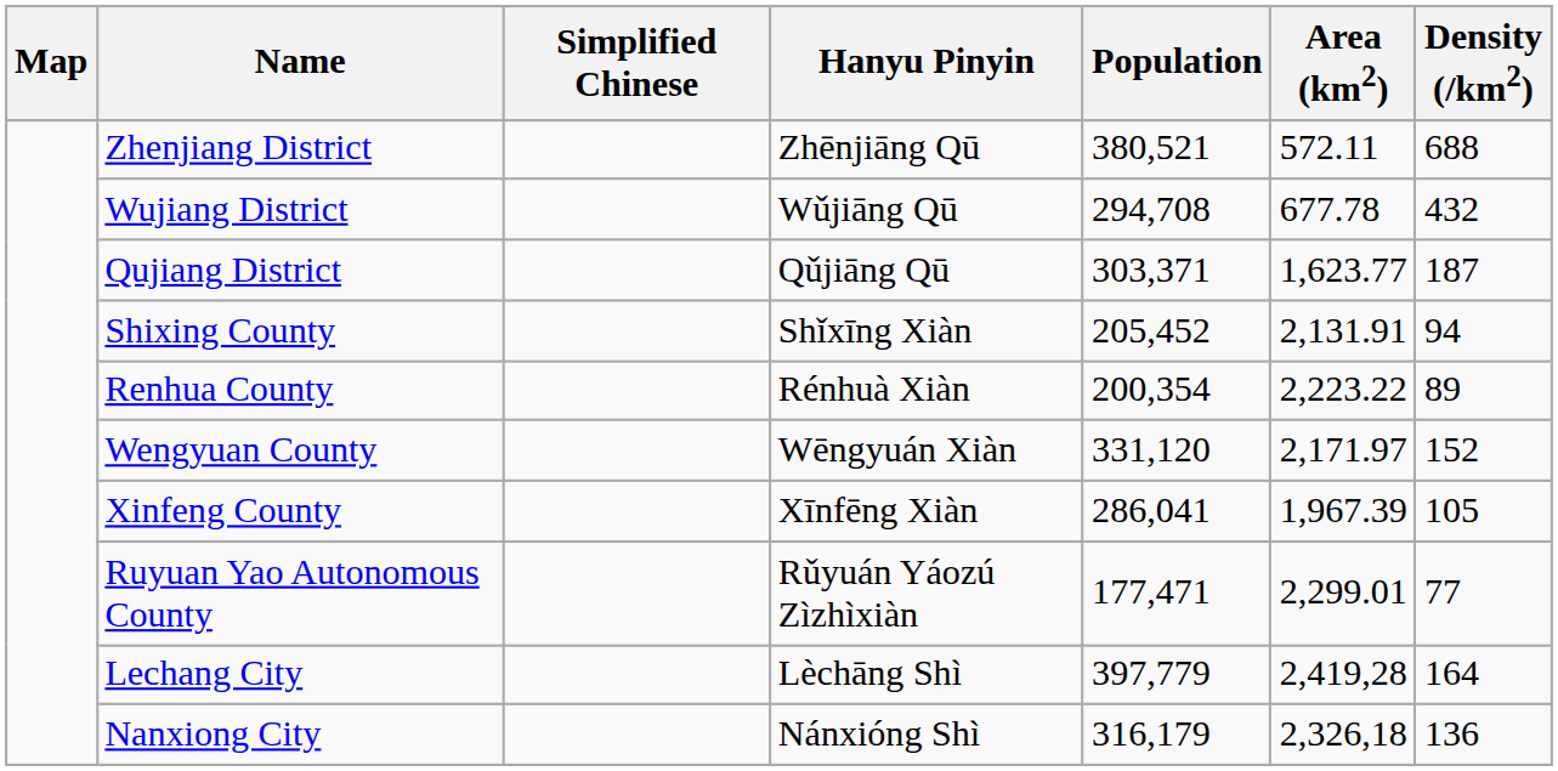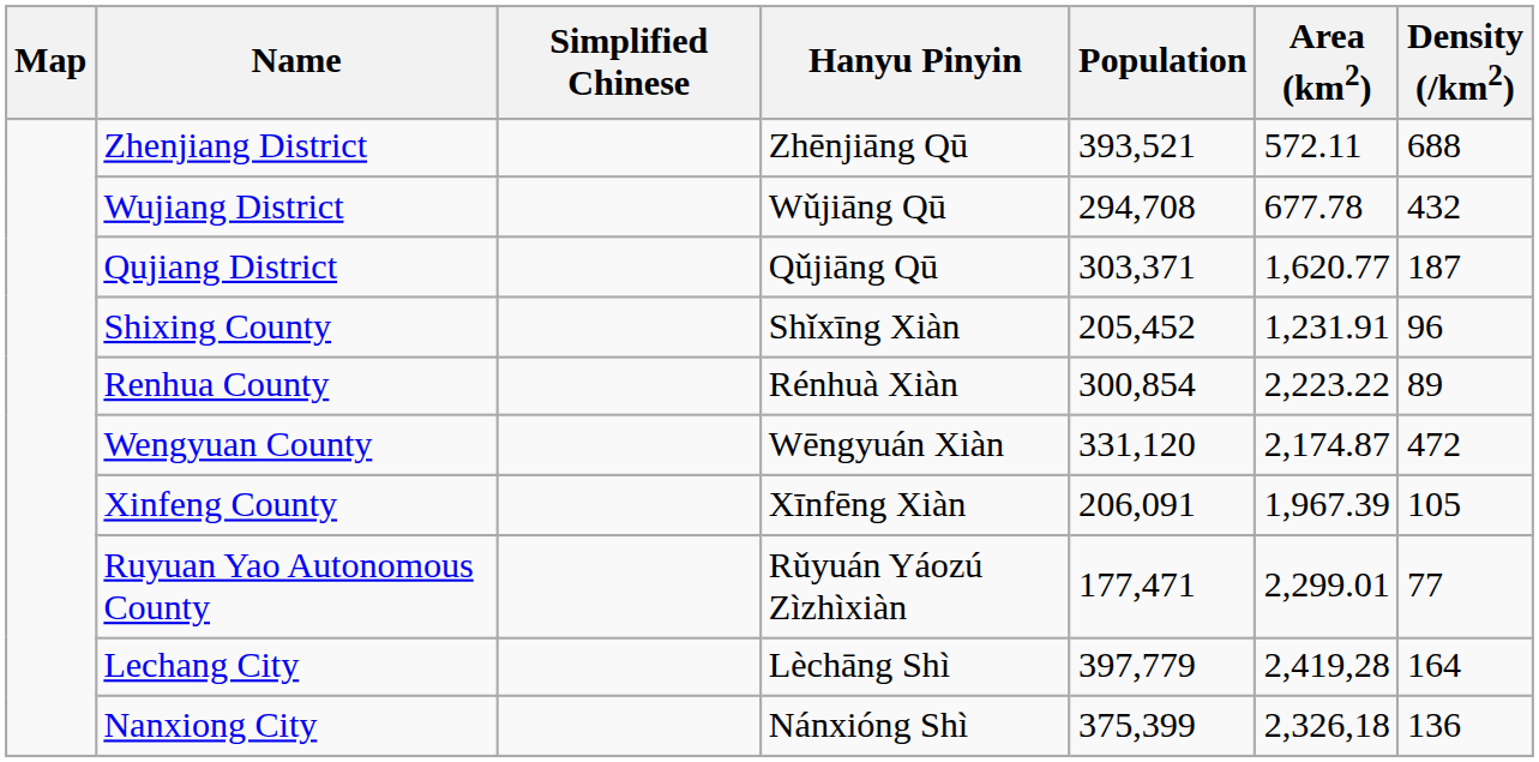 <table class="wikitable" style="font-size:90%;">
 <tr>
 <th colspan="6">Map</th>
 <th>Name</th>
 <th>Simplified Chinese</th>
 <th>Hanyu Pinyin</th>
 <th>Population<br></th>
 <th>Area<br>(km<sup>2</sup>)</th>
 <th>Density<br>(/km<sup>2</sup>)</th>
 </tr>
 <tr>
 <td colspan="6" rowspan="10"><div><br>             </div></td>
 <td><a href='#'>Zhenjiang District</a></td>
 <td></td>
 <td>Zhēnjiāng Qū</td>
-<td>380,521</td>
+<td>393,521</td>
 <td>572.11</td>
 <td>688</td>
 </tr>
 <tr --------->
 <td><a href='#'>Wujiang District</a></td>
 <td></td>
 <td>Wǔjiāng Qū</td>
 <td>294,708</td>
 <td>677.78</td>
 <td>432</td>
 </tr>
 <tr --------->
 <td><a href='#'>Qujiang District</a></td>
 <td></td>
 <td>Qǔjiāng Qū</td>
 <td>303,371</td>
-<td>1,623.77</td>
+<td>1,620.77</td>
 <td>187</td>
 </tr>
 <tr --------->
 <td><a href='#'>Shixing County</a></td>
 <td></td>
 <td>Shǐxīng Xiàn</td>
 <td>205,452</td>
-<td>2,131.91</td>
-<td>94</td>
+<td>1,231.91</td>
+<td>96</td>
 </tr>
 <tr --------->
 <td><a href='#'>Renhua County</a></td>
 <td></td>
 <td>Rénhuà Xiàn</td>
-<td>200,354</td>
+<td>300,854</td>
 <td>2,223.22</td>
 <td>89</td>
 </tr>
 <tr --------->
 <td><a href='#'>Wengyuan County</a></td>
 <td></td>
 <td>Wēngyuán Xiàn</td>
 <td>331,120</td>
-<td>2,171.97</td>
-<td>152</td>
+<td>2,174.87</td>
+<td>472</td>
 </tr>
 <tr --------->
 <td><a href='#'>Xinfeng County</a></td>
 <td></td>
 <td>Xīnfēng Xiàn</td>
-<td>286,041</td>
+<td>206,091</td>
 <td>1,967.39</td>
 <td>105</td>
 </tr>
 <tr --------->
 <td><a href='#'>Ruyuan Yao Autonomous County</a></td>
 <td></td>
 <td>Rǔyuán Yáozú Zìzhìxiàn</td>
 <td>177,471</td>
 <td>2,299.01</td>
 <td>77</td>
 </tr>
 <tr --------->
 <td><a href='#'>Lechang City</a></td>
 <td></td>
 <td>Lèchāng Shì</td>
 <td>397,779</td>
 <td>2,419,28</td>
 <td>164</td>
 </tr>
 <tr --------->
 <td><a href='#'>Nanxiong City</a></td>
 <td></td>
 <td>Nánxióng Shì</td>
-<td>316,179</td>
+<td>375,399</td>
 <td>2,326,18</td>
 <td>136</td>
 </tr>
 </table>
